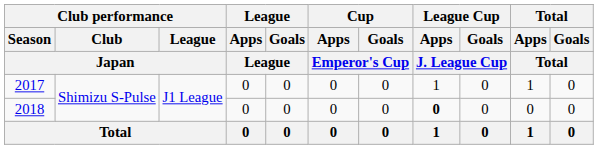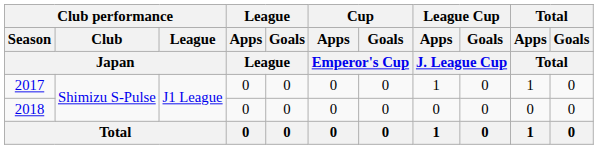 <table class="wikitable" style="text-align:center;">
 <tr>
 <th colspan=3>Club performance</th>
 <th colspan=2>League</th>
 <th colspan=2>Cup</th>
 <th colspan=2>League Cup</th>
 <th colspan=2>Total</th>
 </tr>
 <tr>
 <th>Season</th>
 <th>Club</th>
 <th>League</th>
 <th>Apps</th>
 <th>Goals</th>
 <th>Apps</th>
 <th>Goals</th>
 <th>Apps</th>
 <th>Goals</th>
 <th>Apps</th>
 <th>Goals</th>
 </tr>
 <tr>
 <th colspan=3>Japan</th>
 <th colspan=2>League</th>
 <th colspan=2><a href='#'>Emperor's Cup</a></th>
 <th colspan=2><a href='#'>J. League Cup</a></th>
 <th colspan=2>Total</th>
 </tr>
 <tr>
 <td><a href='#'>2017</a></td>
 <td rowspan="2"><a href='#'>Shimizu S-Pulse</a></td>
 <td rowspan="2"><a href='#'>J1 League</a></td>
 <td>0</td>
 <td>0</td>
 <td>0</td>
 <td>0</td>
 <td>1</td>
 <td>0</td>
 <td>1</td>
 <td>0</td>
 </tr>
 <tr>
 <td><a href='#'>2018</a></td>
 <td>0</td>
 <td>0</td>
 <td>0</td>
 <td>0</td>
-<td><strong>0</strong></td>
+<td>0</td>
 <td>0</td>
 <td>0</td>
 <td>0</td>
 </tr>
 <tr>
 <th colspan=3>Total</th>
 <th>0</th>
 <th>0</th>
 <th>0</th>
 <th>0</th>
 <th>1</th>
 <th>0</th>
 <th>1</th>
 <th>0</th>
 </tr>
 </table>
